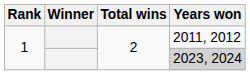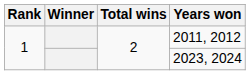 <table class="wikitable plainrowheaders">
 <tr>
 <th scope="col">Rank</th>
 <th scope="col">Winner</th>
 <th scope="col">Total wins</th>
 <th scope="col">Years won</th>
 </tr>
 <tr>
 <td rowspan="2" style="text-align:center;">1</td>
 <th scope="row"></th>
 <td rowspan="2" style="text-align:center;">2</td>
 <td>2011, 2012</td>
 </tr>
 <tr>
 <th scope="row"></th>
-<td style="background: lightgrey;">2023, 2024</td>
+<td>2023, 2024</td>
 </tr>
 </table>
